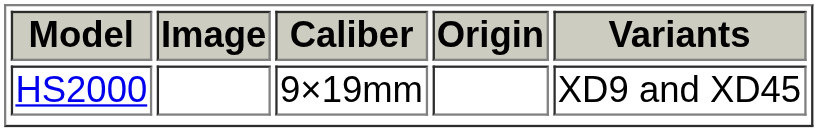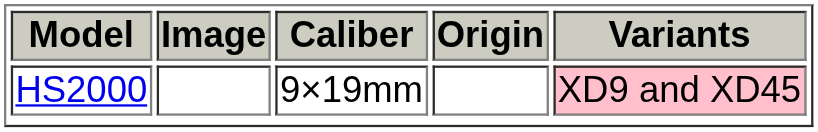 <table border=1 style="border-collapse:">
 <tr bgcolor=ccccc>
 <th>Model</th>
 <th>Image</th>
 <th>Caliber</th>
 <th>Origin</th>
 <th>Variants</th>
 </tr>
 <tr>
 <td><a href='#'>HS2000</a></td>
 <td></td>
 <td>9×19mm</td>
 <td></td>
-<td>XD9 and XD45</td>
+<td style="background: pink;">XD9 and XD45</td>
 </tr>
 <tr>
 </tr>
 </table>
